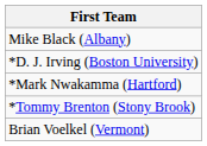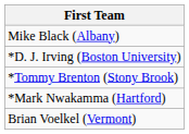 <table class="wikitable">
 <tr>
 <th>First Team</th>
 </tr>
 <tr>
 <td>Mike Black (<a href='#'>Albany</a>)</td>
 </tr>
 <tr>
 <td>*D. J. Irving (<a href='#'>Boston University</a>)</td>
 </tr>
 <tr>
-<td>*Mark Nwakamma (<a href='#'>Hartford</a>)</td>
+<td>*<a href='#'>Tommy Brenton</a> (<a href='#'>Stony Brook</a>)</td>
 </tr>
 <tr>
-<td>*<a href='#'>Tommy Brenton</a> (<a href='#'>Stony Brook</a>)</td>
+<td>*Mark Nwakamma (<a href='#'>Hartford</a>)</td>
 </tr>
 <tr>
 <td>Brian Voelkel (<a href='#'>Vermont</a>)</td>
 </tr>
 </table>
